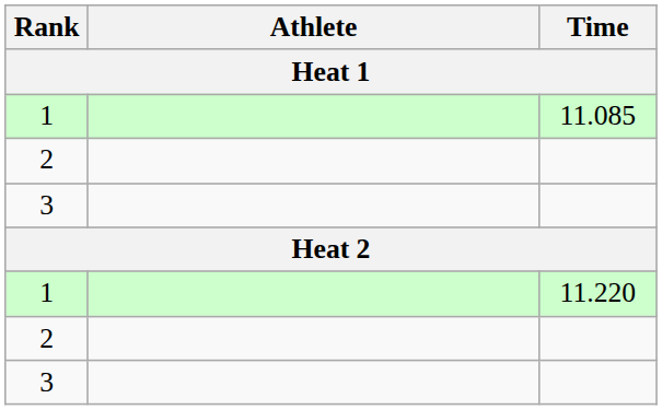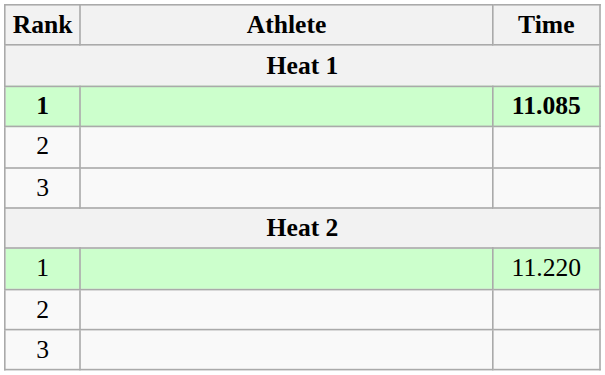 <table class=wikitable style="text-align:center">
 <tr>
 <th width=40>Rank</th>
 <th width=250>Athlete</th>
 <th width=60>Time</th>
 </tr>
 <tr>
 <th colspan=3>Heat 1</th>
 </tr>
 <tr bgcolor="ccffcc">
-<td>1</td>
+<td><strong>1</strong></td>
 <td align=left></td>
-<td>11.085</td>
+<td><strong>11.085</strong></td>
 </tr>
 <tr>
 <td>2</td>
 <td align=left></td>
 <td></td>
 </tr>
 <tr>
 <td>3</td>
 <td align=left></td>
 <td></td>
 </tr>
 <tr>
 <th colspan=3>Heat 2</th>
 </tr>
 <tr bgcolor="ccffcc">
 <td>1</td>
 <td align=left></td>
 <td>11.220</td>
 </tr>
 <tr>
 <td>2</td>
 <td align=left></td>
 <td></td>
 </tr>
 <tr>
 <td>3</td>
 <td align=left></td>
 <td></td>
 </tr>
 </table>
